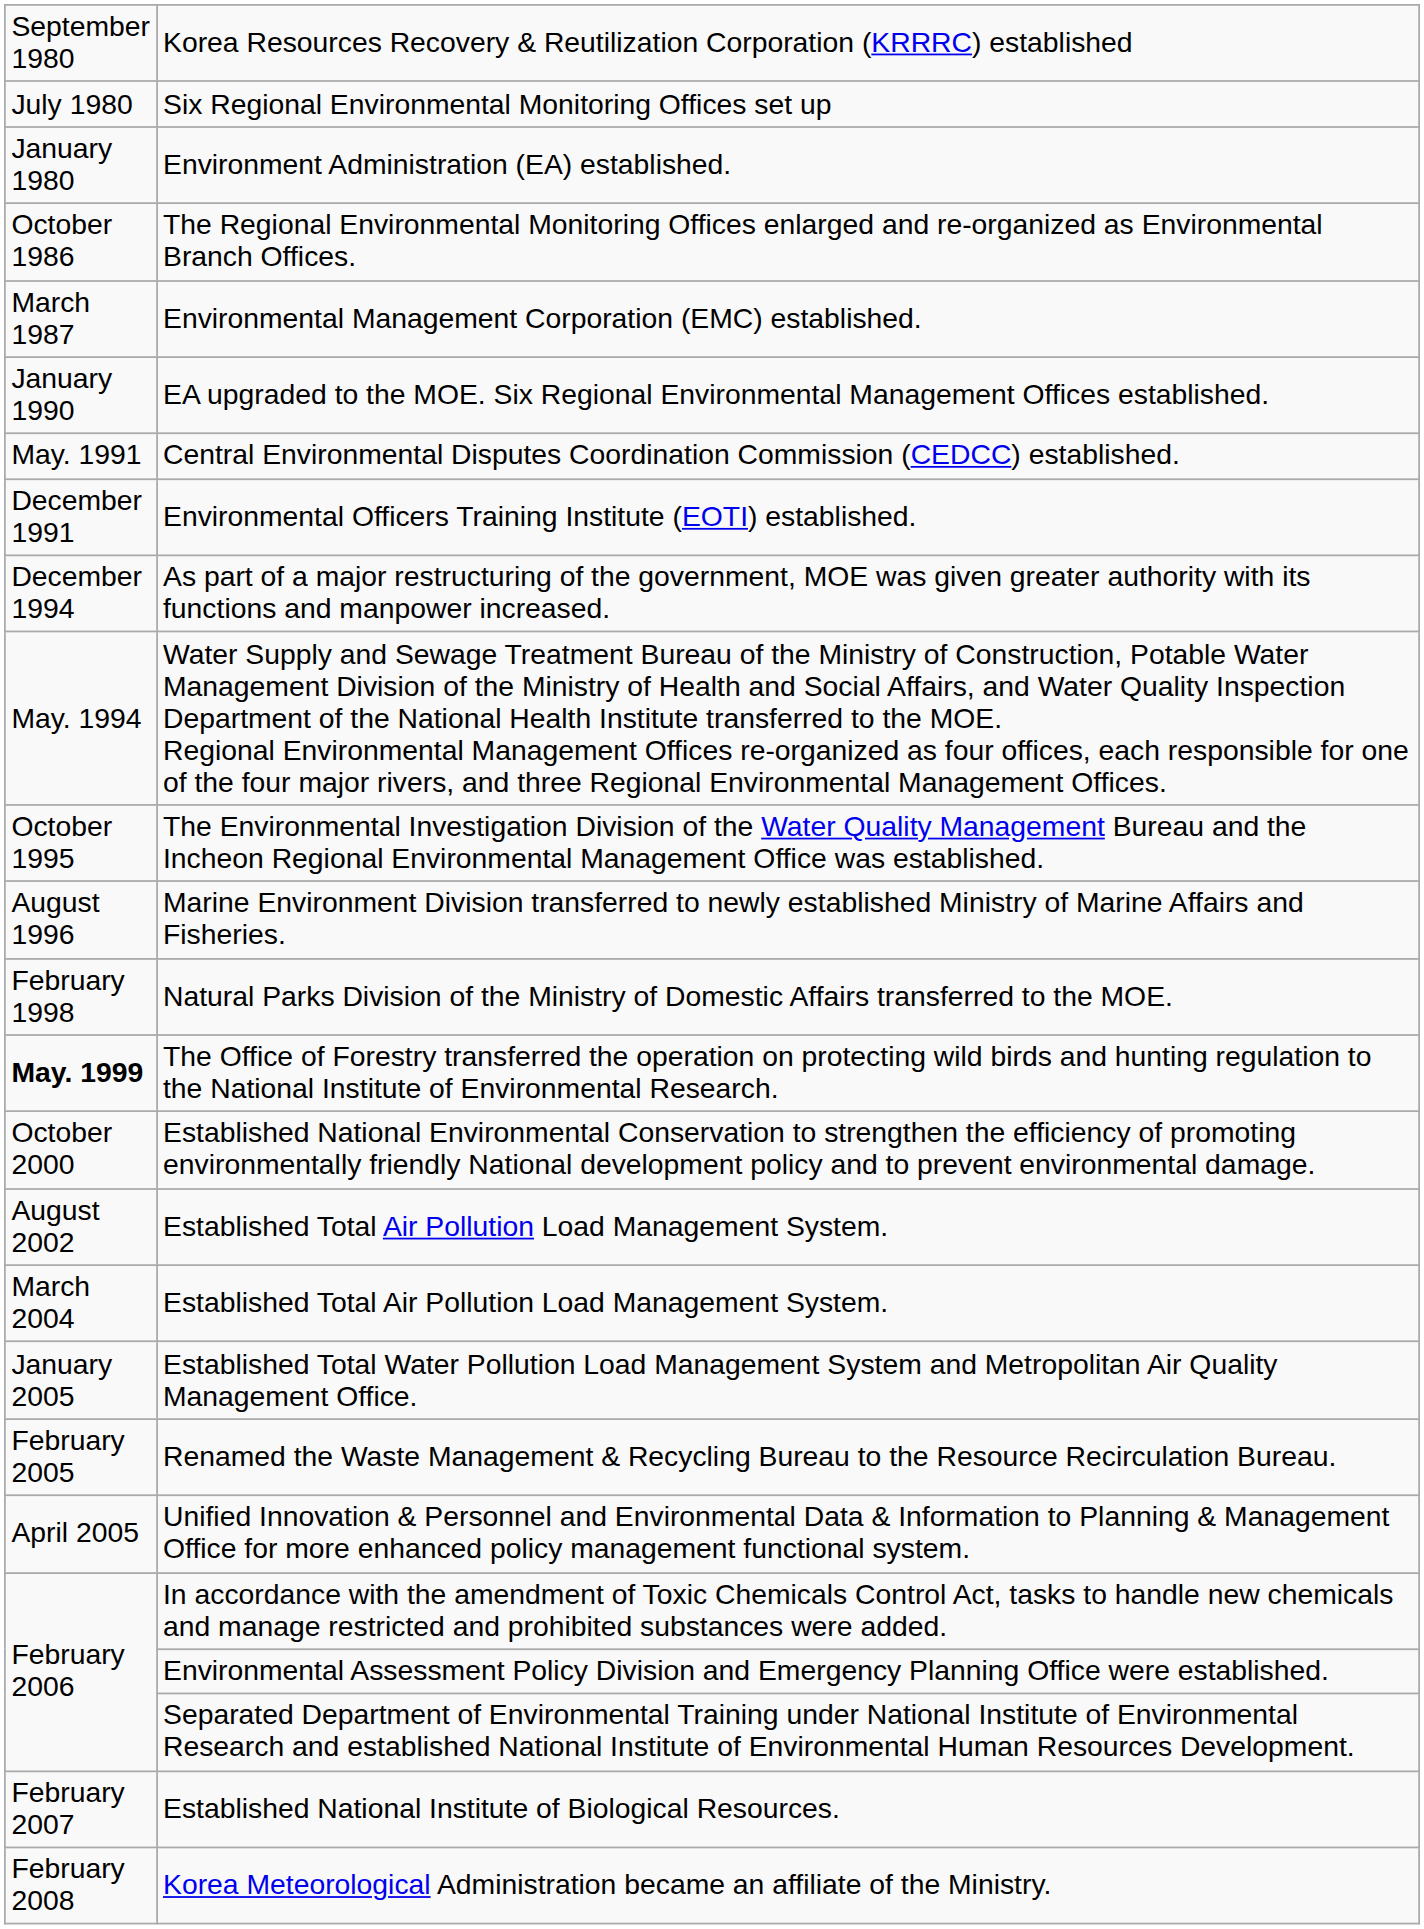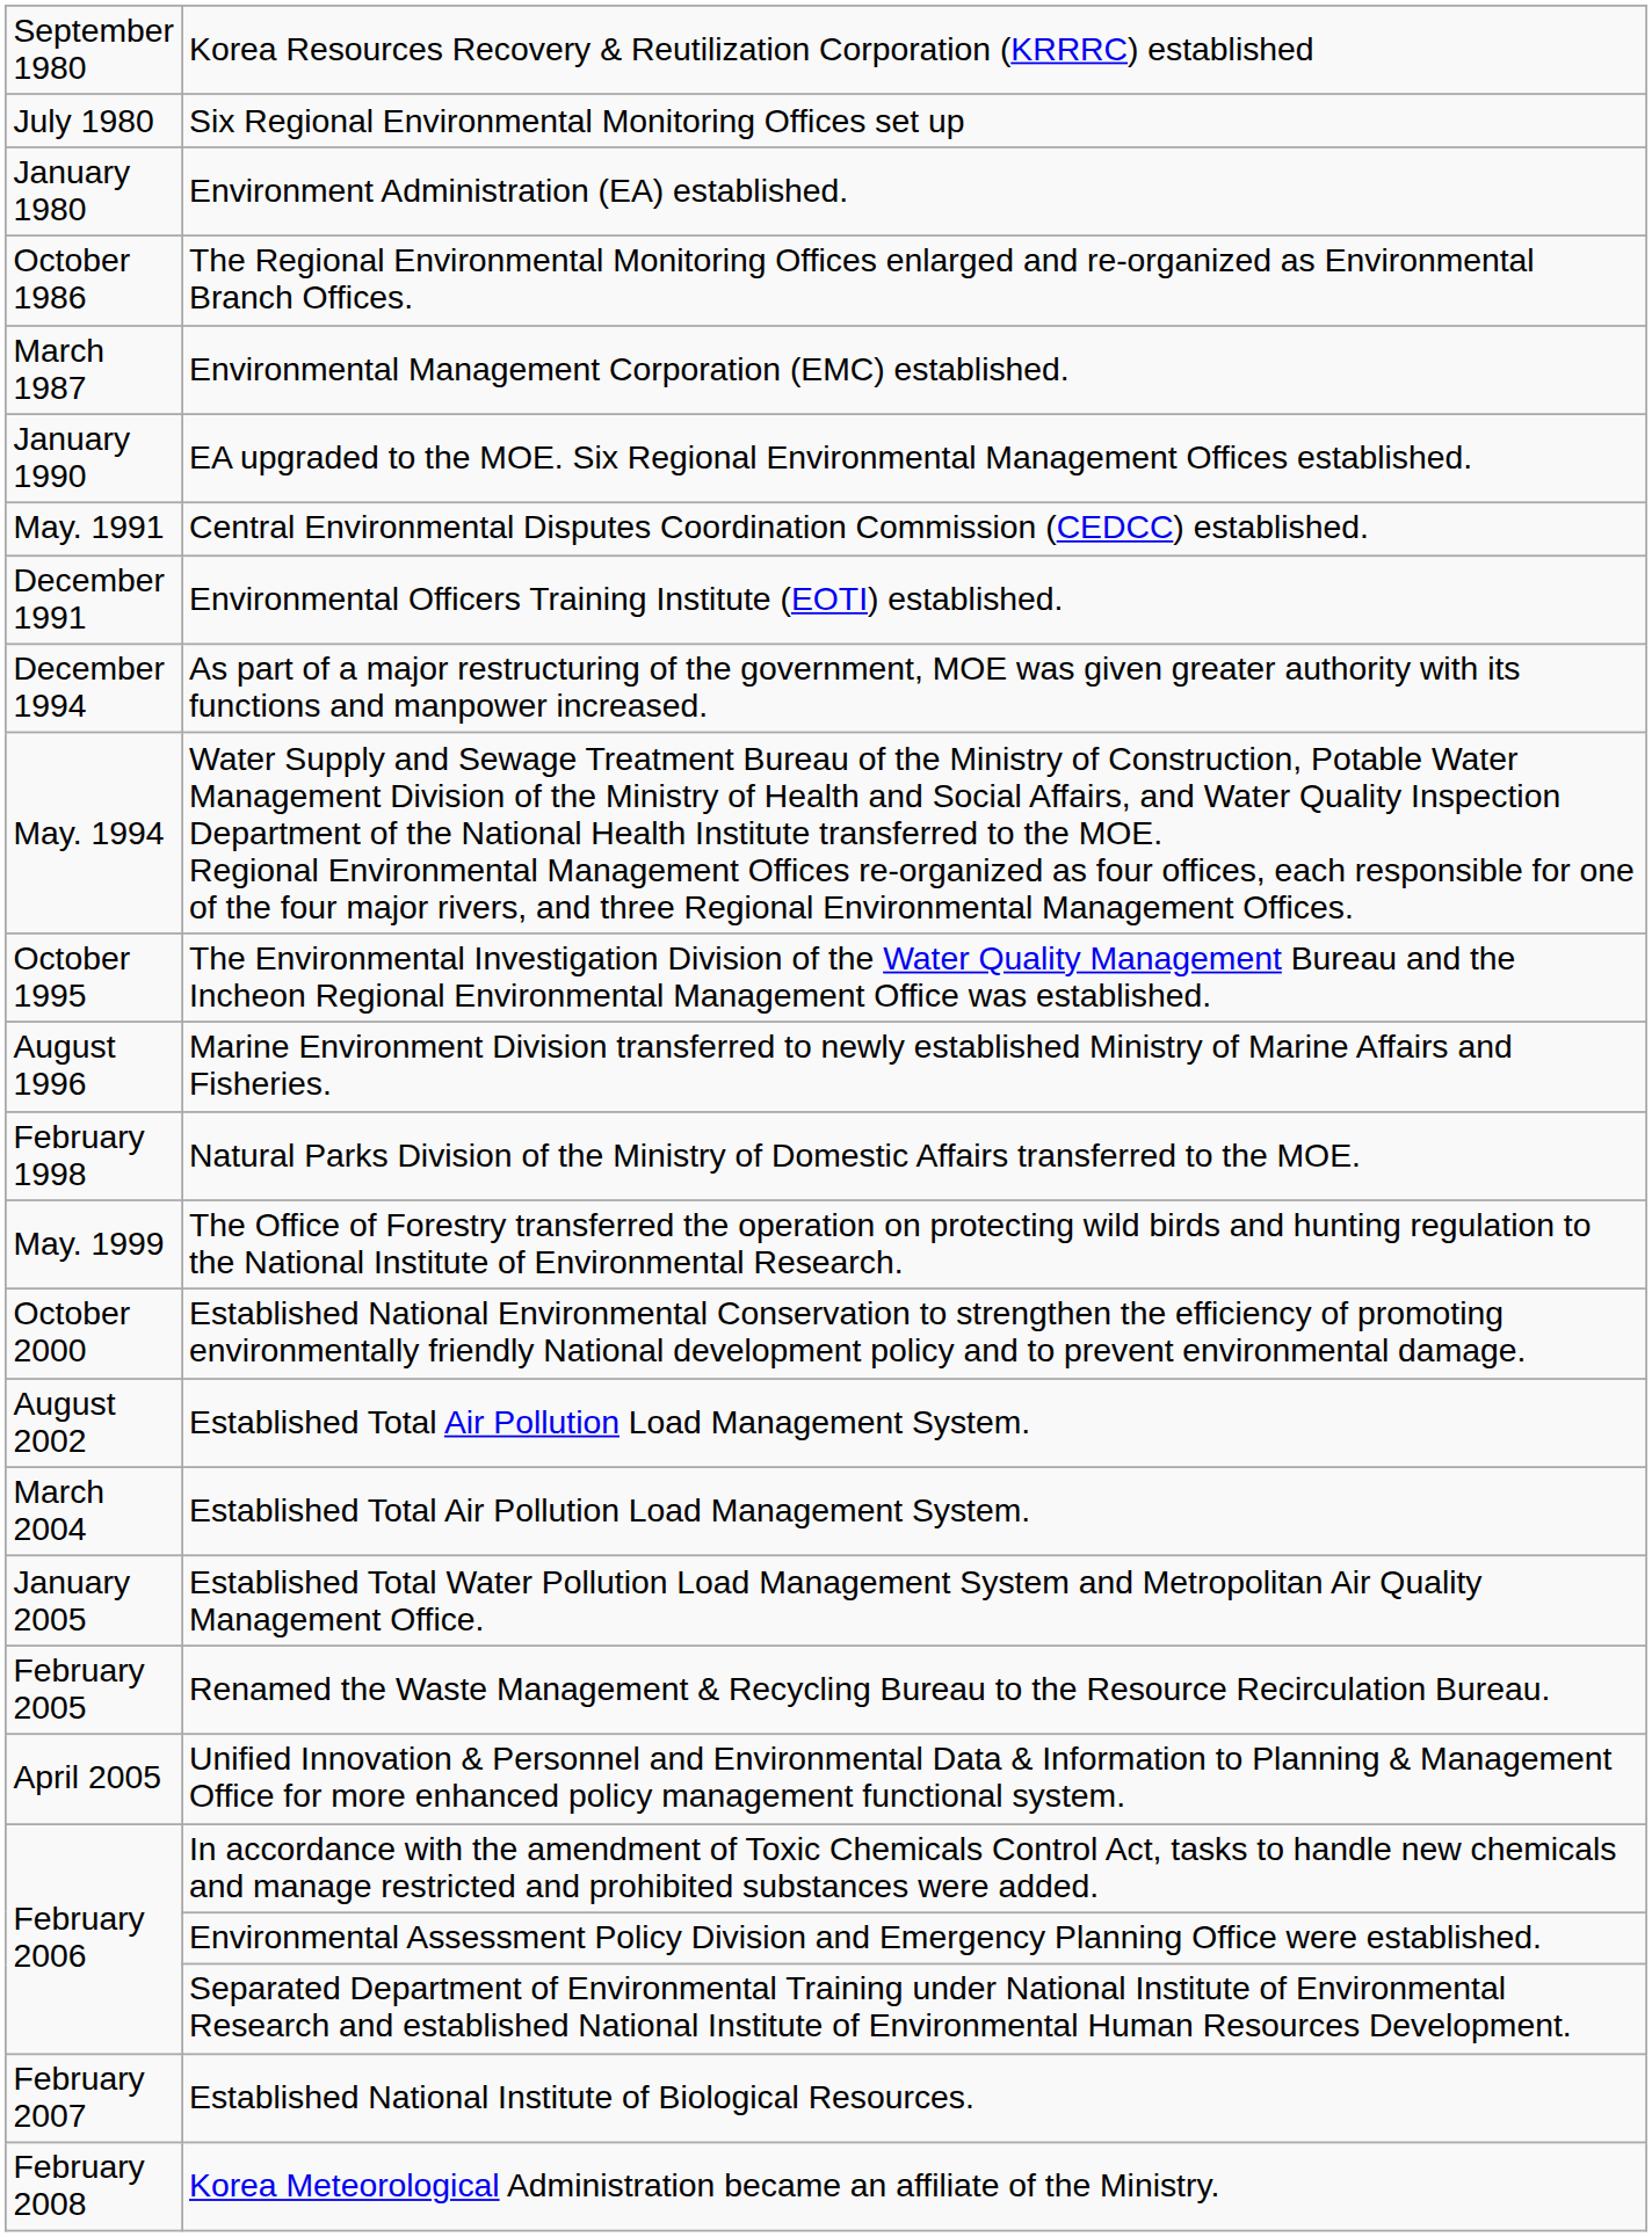 <table class="wikitable" width="800" align="center">
 <tr>
 <td width="70">September  1980</td>
 <td>Korea Resources Recovery & Reutilization Corporation (<a href='#'>KRRRC</a>) established</td>
 </tr>
 <tr>
 <td>July  1980</td>
 <td>Six Regional Environmental Monitoring Offices set up</td>
 </tr>
 <tr>
 <td>January  1980</td>
 <td>Environment Administration (EA) established.</td>
 </tr>
 <tr>
 <td>October  1986</td>
 <td>The Regional Environmental Monitoring Offices enlarged and re-organized as Environmental Branch Offices.</td>
 </tr>
 <tr>
 <td>March  1987</td>
 <td>Environmental Management Corporation (EMC) established.</td>
 </tr>
 <tr>
 <td>January  1990</td>
 <td>EA upgraded to the MOE. Six Regional Environmental Management Offices established.</td>
 </tr>
 <tr>
 <td>May. 1991</td>
 <td>Central Environmental Disputes Coordination Commission (<a href='#'>CEDCC</a>) established.</td>
 </tr>
 <tr>
 <td>December  1991</td>
 <td>Environmental Officers Training Institute (<a href='#'>EOTI</a>) established.</td>
 </tr>
 <tr>
 <td>December  1994</td>
 <td>As part of a major restructuring of the government, MOE was given greater authority with its functions and manpower increased.</td>
 </tr>
 <tr>
 <td>May. 1994</td>
 <td>Water Supply and Sewage Treatment Bureau of the Ministry of Construction, Potable Water Management Division of the Ministry of Health and Social Affairs, and Water Quality Inspection Department of the National Health Institute transferred to the MOE.<br>Regional Environmental Management Offices re-organized as four offices, each responsible for one of the four major rivers, and three Regional Environmental Management Offices.</td>
 </tr>
 <tr>
 <td>October  1995</td>
 <td>The Environmental Investigation Division of the <a href='#'>Water Quality Management</a> Bureau and the Incheon Regional Environmental Management Office was established.</td>
 </tr>
 <tr>
 <td>August  1996</td>
 <td>Marine Environment Division transferred to newly established Ministry of Marine Affairs and Fisheries.</td>
 </tr>
 <tr>
 <td>February  1998</td>
 <td>Natural Parks Division of the Ministry of Domestic Affairs transferred to the MOE.</td>
 </tr>
 <tr>
-<td><strong>May. 1999</strong></td>
+<td>May. 1999</td>
 <td>The Office of Forestry transferred the operation on protecting wild birds and hunting regulation to the National Institute of Environmental Research.</td>
 </tr>
 <tr>
 <td>October  2000</td>
 <td>Established National Environmental Conservation to strengthen the efficiency of promoting environmentally friendly National development policy and to prevent environmental damage.</td>
 </tr>
 <tr>
 <td>August  2002</td>
 <td>Established Total <a href='#'>Air Pollution</a> Load Management System.</td>
 </tr>
 <tr>
 <td>March  2004</td>
 <td>Established Total Air Pollution Load Management System.</td>
 </tr>
 <tr>
 <td>January  2005</td>
 <td>Established Total Water Pollution Load Management System and Metropolitan Air Quality Management Office.</td>
 </tr>
 <tr>
 <td>February  2005</td>
 <td>Renamed the Waste Management & Recycling Bureau to the Resource Recirculation Bureau.</td>
 </tr>
 <tr>
 <td>April  2005</td>
 <td>Unified Innovation & Personnel and Environmental Data & Information to Planning & Management Office for more enhanced policy management functional system.</td>
 </tr>
 <tr>
 <td rowspan="3">February  2006</td>
 <td>In accordance with the amendment of Toxic Chemicals Control Act, tasks to handle new chemicals and manage restricted and prohibited substances were added.</td>
 </tr>
 <tr>
 <td>Environmental Assessment Policy Division and Emergency Planning Office were established.</td>
 </tr>
 <tr>
 <td>Separated Department of Environmental Training under National Institute of Environmental Research and established National Institute of Environmental Human Resources Development.</td>
 </tr>
 <tr>
 <td>February  2007</td>
 <td>Established National Institute of Biological Resources.</td>
 </tr>
 <tr>
 <td>February  2008</td>
 <td><a href='#'>Korea Meteorological</a> Administration became an affiliate of the Ministry.</td>
 </tr>
 </table>
